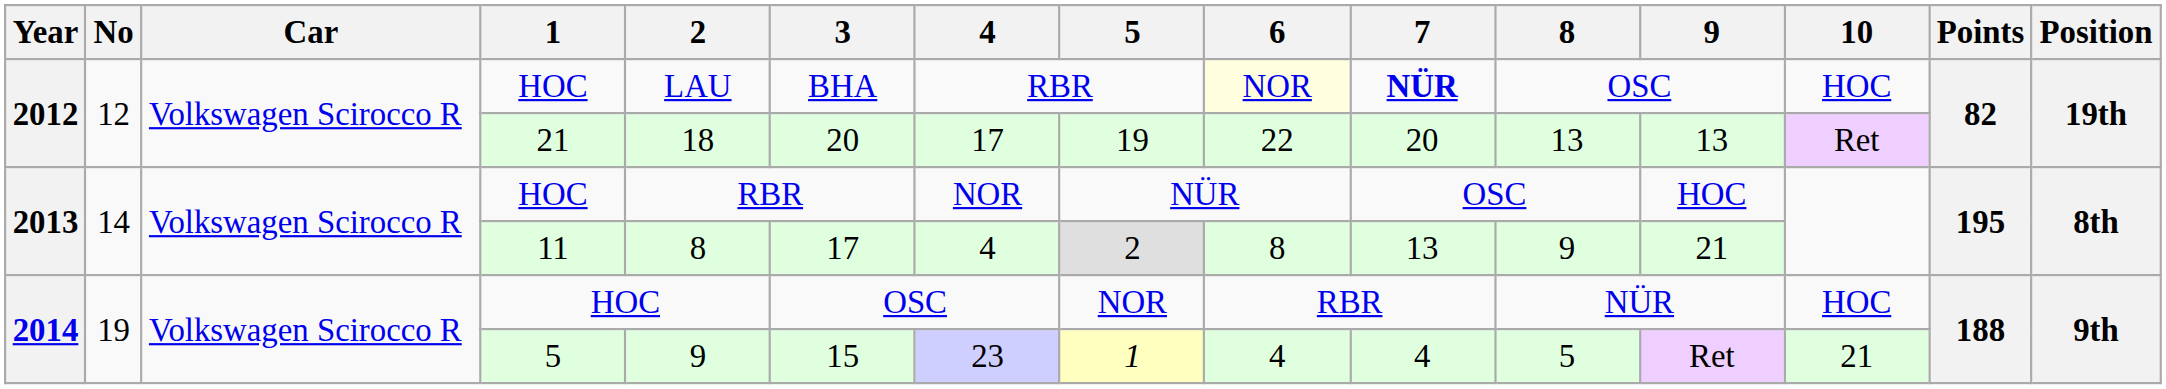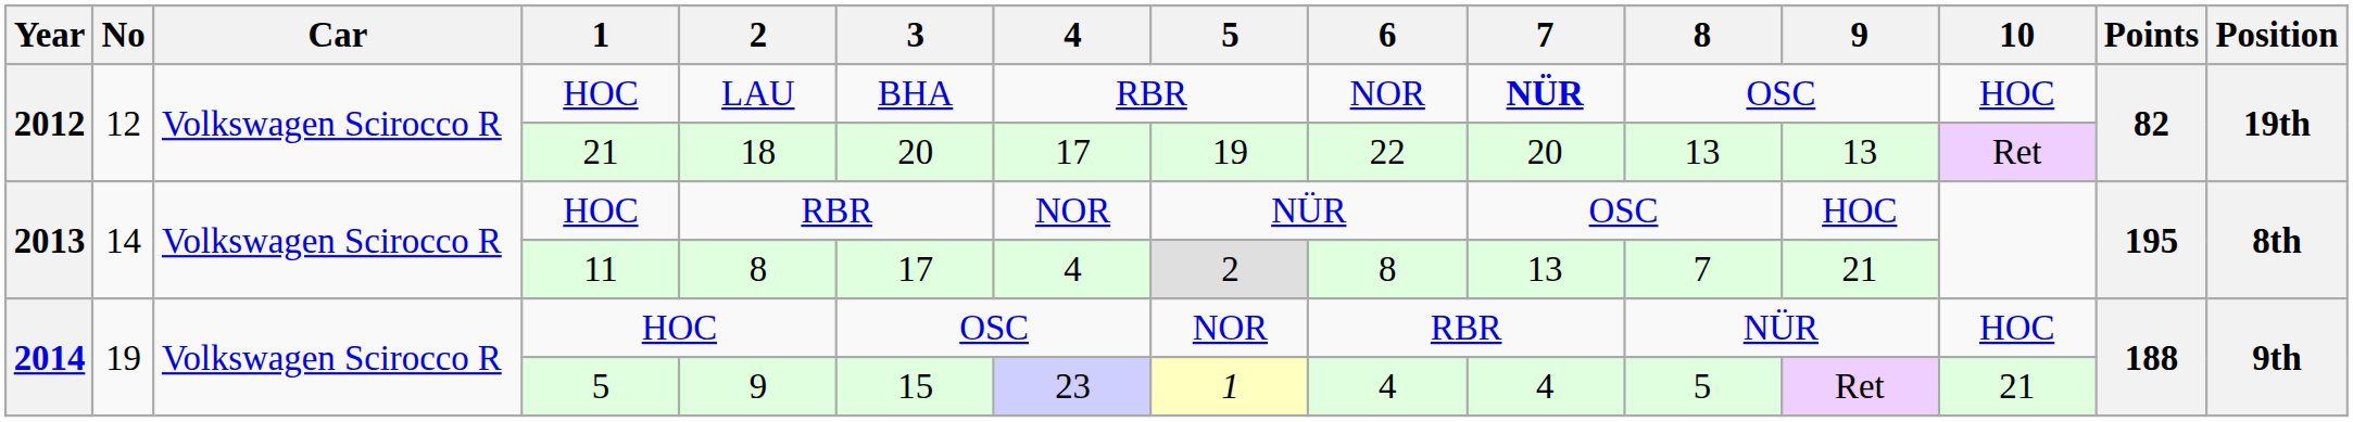 <table class="wikitable" style="text-align:center; font-size:95%">
 <tr>
 <th>Year</th>
 <th>No</th>
 <th width="150">Car</th>
 <th width="60">1</th>
 <th width="60">2</th>
 <th width="60">3</th>
 <th width="60">4</th>
 <th width="60">5</th>
 <th width="60">6</th>
 <th width="60">7</th>
 <th width="60">8</th>
 <th width="60">9</th>
 <th width="60">10</th>
 <th>Points</th>
 <th>Position</th>
 </tr>
 <tr>
 <th rowspan="2" height="10">2012</th>
 <td rowspan="2">12</td>
 <td rowspan="2" align="left"><a href='#'>Volkswagen Scirocco R</a></td>
 <td> <a href='#'>HOC</a></td>
 <td> <a href='#'>LAU</a></td>
 <td> <a href='#'>BHA</a></td>
 <td colspan="2"> <a href='#'>RBR</a></td>
-<td style="background: lightyellow;"> <a href='#'>NOR</a></td>
+<td> <a href='#'>NOR</a></td>
 <td><strong> <a href='#'>NÜR</a></strong></td>
 <td colspan="2"> <a href='#'>OSC</a></td>
 <td> <a href='#'>HOC</a></td>
 <th rowspan="2">82</th>
 <th rowspan="2">19th</th>
 </tr>
 <tr>
 <td style="background:#DFFFDF;">21</td>
 <td style="background:#DFFFDF;">18</td>
 <td style="background:#DFFFDF;">20</td>
 <td style="background:#DFFFDF;">17</td>
 <td style="background:#DFFFDF;">19</td>
 <td style="background:#DFFFDF;">22</td>
 <td style="background:#DFFFDF;">20</td>
 <td style="background:#DFFFDF;">13</td>
 <td style="background:#DFFFDF;">13</td>
 <td style="background:#EFCFFF;">Ret</td>
 </tr>
 <tr>
 <th rowspan="2" height="10">2013</th>
 <td rowspan="2">14</td>
 <td rowspan="2" align="left"><a href='#'>Volkswagen Scirocco R</a></td>
 <td> <a href='#'>HOC</a></td>
 <td colspan="2"> <a href='#'>RBR</a></td>
 <td> <a href='#'>NOR</a></td>
 <td colspan="2"> <a href='#'>NÜR</a></td>
 <td colspan="2"> <a href='#'>OSC</a></td>
 <td> <a href='#'>HOC</a></td>
 <td rowspan="2"></td>
 <th rowspan="2">195</th>
 <th rowspan="2">8th</th>
 </tr>
 <tr>
 <td style="background:#DFFFDF;">11</td>
 <td style="background:#DFFFDF;">8</td>
 <td style="background:#DFFFDF;">17</td>
 <td style="background:#DFFFDF;">4</td>
 <td style="background:#DFDFDF;">2</td>
 <td style="background:#DFFFDF;">8</td>
 <td style="background:#DFFFDF;">13</td>
-<td style="background:#DFFFDF;">9</td>
+<td style="background:#DFFFDF;">7</td>
 <td style="background:#DFFFDF;">21</td>
 </tr>
 <tr>
 <th rowspan="2" height="10"><a href='#'>2014</a></th>
 <td rowspan="2">19</td>
 <td rowspan="2" align="left"><a href='#'>Volkswagen Scirocco R</a></td>
 <td colspan="2"> <a href='#'>HOC</a></td>
 <td colspan="2"> <a href='#'>OSC</a></td>
 <td> <a href='#'>NOR</a></td>
 <td colspan="2"> <a href='#'>RBR</a></td>
 <td colspan="2"> <a href='#'>NÜR</a></td>
 <td> <a href='#'>HOC</a></td>
 <th rowspan="2">188</th>
 <th rowspan="2">9th</th>
 </tr>
 <tr>
 <td style="background:#DFFFDF;">5</td>
 <td style="background:#DFFFDF;">9</td>
 <td style="background:#DFFFDF;">15</td>
 <td style="background:#CFCFFF;">23</td>
 <td style="background:#FFFFBF;"><em>1</em></td>
 <td style="background:#DFFFDF;">4</td>
 <td style="background:#DFFFDF;">4</td>
 <td style="background:#DFFFDF;">5</td>
 <td style="background:#EFCFFF;">Ret</td>
 <td style="background:#DFFFDF;">21</td>
 </tr>
 </table>
